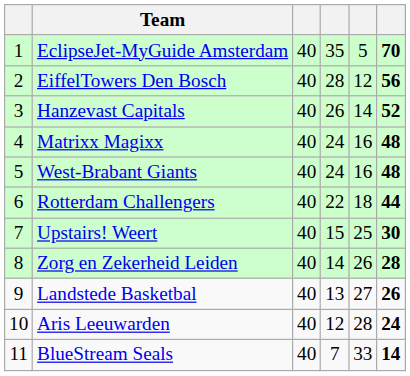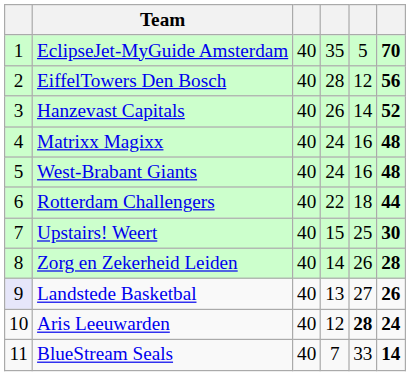 <table class="wikitable sortable" style="text-align:center">
 <tr>
 <th></th>
 <th>Team</th>
 <th></th>
 <th></th>
 <th></th>
 <th></th>
 </tr>
 <tr style="background:#cfc;">
 <td>1</td>
 <td align=left><a href='#'>EclipseJet-MyGuide Amsterdam</a></td>
 <td>40</td>
 <td>35</td>
 <td>5</td>
 <td><strong>70</strong></td>
 </tr>
 <tr style="background:#cfc;">
 <td>2</td>
 <td align=left><a href='#'>EiffelTowers Den Bosch</a></td>
 <td>40</td>
 <td>28</td>
 <td>12</td>
 <td><strong>56</strong></td>
 </tr>
 <tr style="background:#cfc;">
 <td>3</td>
 <td align=left><a href='#'>Hanzevast Capitals</a></td>
 <td>40</td>
 <td>26</td>
 <td>14</td>
 <td><strong>52</strong></td>
 </tr>
 <tr style="background:#cfc;">
 <td>4</td>
 <td align=left><a href='#'>Matrixx Magixx</a></td>
 <td>40</td>
 <td>24</td>
 <td>16</td>
 <td><strong>48</strong></td>
 </tr>
 <tr style="background:#cfc;">
 <td>5</td>
 <td align=left><a href='#'>West-Brabant Giants</a></td>
 <td>40</td>
 <td>24</td>
 <td>16</td>
 <td><strong>48</strong></td>
 </tr>
 <tr style="background:#cfc;">
 <td>6</td>
 <td align=left><a href='#'>Rotterdam Challengers</a></td>
 <td>40</td>
 <td>22</td>
 <td>18</td>
 <td><strong>44</strong></td>
 </tr>
 <tr style="background:#cfc;">
 <td>7</td>
 <td align=left><a href='#'>Upstairs! Weert</a></td>
 <td>40</td>
 <td>15</td>
 <td>25</td>
 <td><strong>30</strong></td>
 </tr>
 <tr style="background:#cfc;">
 <td>8</td>
 <td align=left><a href='#'>Zorg en Zekerheid Leiden</a></td>
 <td>40</td>
 <td>14</td>
 <td>26</td>
 <td><strong>28</strong></td>
 </tr>
 <tr>
-<td>9</td>
+<td style="background: lavender;">9</td>
 <td align=left><a href='#'>Landstede Basketbal</a></td>
 <td>40</td>
 <td>13</td>
 <td>27</td>
 <td><strong>26</strong></td>
 </tr>
 <tr style="background:#;">
 <td>10</td>
 <td align=left><a href='#'>Aris Leeuwarden</a></td>
 <td>40</td>
 <td>12</td>
-<td>28</td>
+<td><strong>28</strong></td>
 <td><strong>24</strong></td>
 </tr>
 <tr>
 <td>11</td>
 <td align=left><a href='#'>BlueStream Seals</a></td>
 <td>40</td>
 <td>7</td>
 <td>33</td>
 <td><strong>14</strong></td>
 </tr>
 </table>
